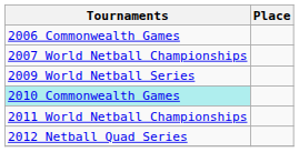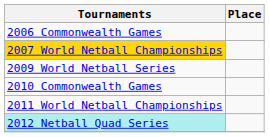 <table class="wikitable collapsible">
 <tr>
 <th>Tournaments</th>
 <th>Place</th>
 </tr>
 <tr>
 <td><a href='#'>2006 Commonwealth Games</a></td>
 <td></td>
 </tr>
 <tr>
-<td><a href='#'>2007 World Netball Championships</a></td>
+<td style="background: gold;"><a href='#'>2007 World Netball Championships</a></td>
 <td></td>
 </tr>
 <tr>
 <td><a href='#'>2009 World Netball Series</a></td>
 <td></td>
 </tr>
 <tr>
-<td style="background: paleturquoise;"><a href='#'>2010 Commonwealth Games</a></td>
+<td><a href='#'>2010 Commonwealth Games</a></td>
 <td></td>
 </tr>
 <tr>
 <td><a href='#'>2011 World Netball Championships</a></td>
 <td></td>
 </tr>
 <tr>
-<td><a href='#'>2012 Netball Quad Series</a></td>
+<td style="background: paleturquoise;"><a href='#'>2012 Netball Quad Series</a></td>
 <td></td>
 </tr>
 <tr>
 </tr>
 </table>
